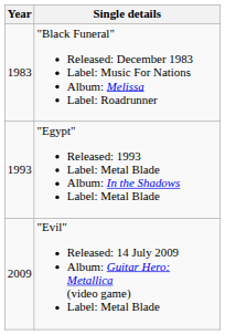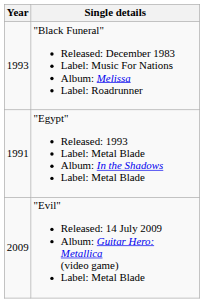 <table class="wikitable" border="1">
 <tr>
 <th>Year</th>
 <th width="240">Single details</th>
 </tr>
 <tr>
-<td>1983</td>
+<td>1993</td>
 <td>"Black Funeral"<br><ul><li>Released: December 1983</li><li>Label: Music For Nations</li><li>Album: <em><a href='#'>Melissa</a></em></li><li>Label: Roadrunner</li></ul></td>
 </tr>
 <tr>
-<td>1993</td>
+<td>1991</td>
 <td>"Egypt"<br><ul><li>Released: 1993</li><li>Label: Metal Blade</li><li>Album: <em><a href='#'>In the Shadows</a></em></li><li>Label: Metal Blade</li></ul></td>
 </tr>
 <tr>
 <td>2009</td>
 <td>"Evil"<br><ul><li>Released: 14 July 2009</li><li>Album: <em><a href='#'>Guitar Hero: Metallica</a></em><br>(video game)</li><li>Label: Metal Blade</li></ul></td>
 </tr>
 </table>
